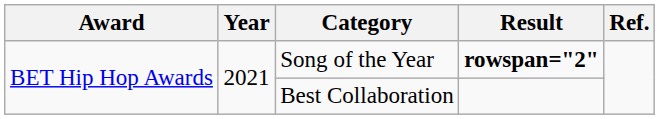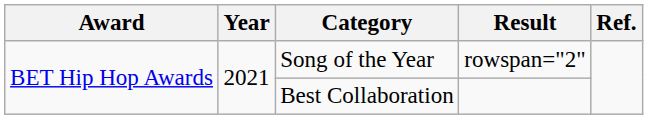 <table class="wikitable">
 <tr>
 <th>Award</th>
 <th>Year</th>
 <th>Category</th>
 <th>Result</th>
 <th>Ref.</th>
 </tr>
 <tr>
 <td rowspan="2"><a href='#'>BET Hip Hop Awards</a></td>
 <td rowspan="2">2021</td>
 <td>Song of the Year</td>
-<td><strong>rowspan="2" </strong></td>
+<td>rowspan="2" </td>
 <td rowspan="2"></td>
 </tr>
 <tr>
 <td>Best Collaboration</td>
 </tr>
 </table>
